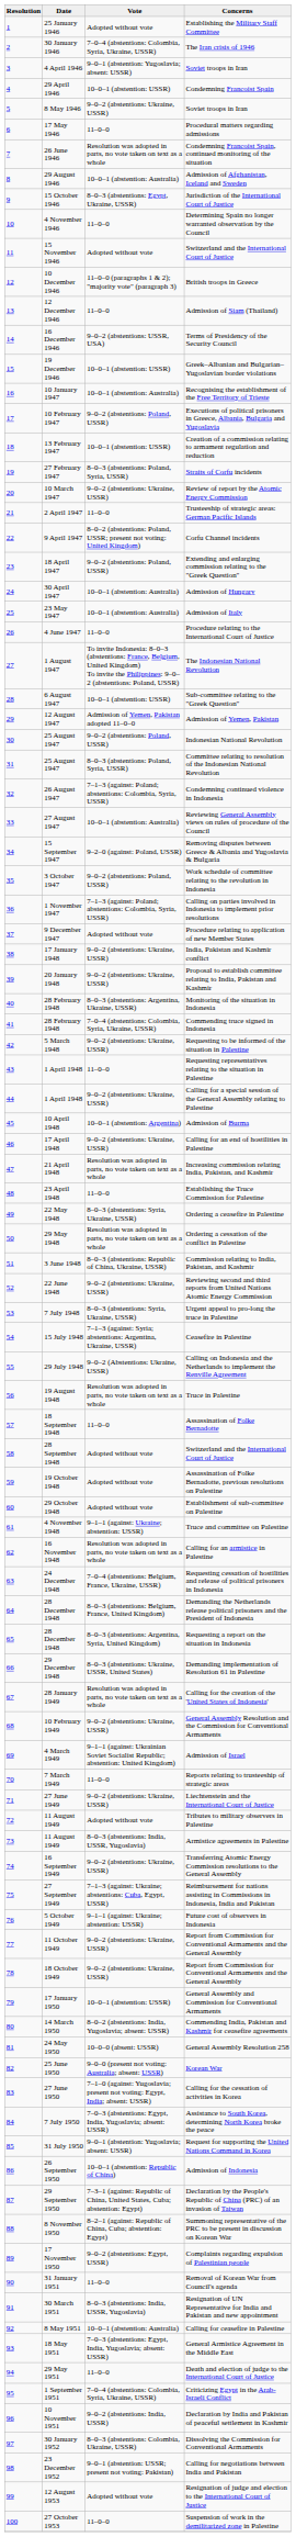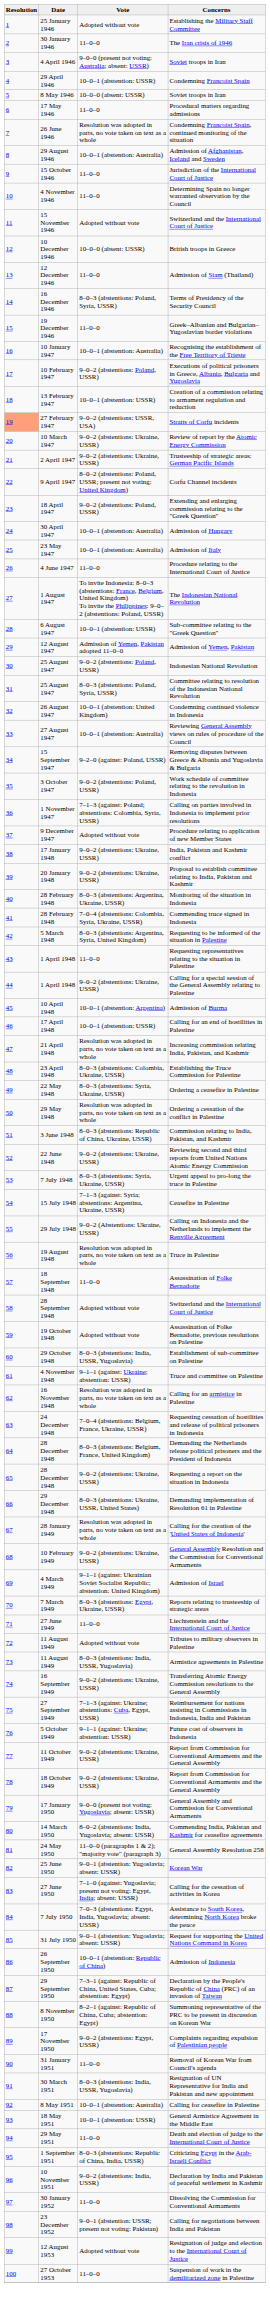 <table class="wikitable sortable" align="center">
 <tr>
 <th style="background:#efefef;">Resolution</th>
 <th style="background:#efefef;">Date</th>
 <th style="background:#efefef;">Vote</th>
 <th style="background:#efefef;">Concerns</th>
 </tr>
 <tr id="1946">
 <td><a href='#'>1</a></td>
 <td>25 January 1946</td>
 <td>Adopted without vote</td>
 <td>Establishing the <a href='#'>Military Staff Committee</a></td>
 </tr>
 <tr>
 <td><a href='#'>2</a></td>
 <td>30 January 1946</td>
-<td>7–0–4 (abstentions: Colombia, Syria, Ukraine, USSR)</td>
+<td>11–0–0</td>
 <td>The <a href='#'>Iran crisis of 1946</a></td>
 </tr>
 <tr>
 <td><a href='#'>3</a></td>
 <td>4 April 1946</td>
-<td>9–0–1 (abstention: Yugoslavia; absent: USSR)</td>
+<td>9–0–0 (present not voting: <a href='#'>Australia</a>; absent: <a href='#'>USSR</a>)</td>
 <td><a href='#'>Soviet</a> troops in Iran</td>
 </tr>
 <tr>
 <td><a href='#'>4</a></td>
 <td>29 April 1946</td>
 <td>10–0–1 (abstention: USSR)</td>
 <td>Condemning <a href='#'>Francoist Spain</a></td>
 </tr>
 <tr>
 <td><a href='#'>5</a></td>
 <td>8 May 1946</td>
-<td>9–0–2 (abstentions: Ukraine, USSR)</td>
+<td>10–0–0 (absent: USSR)</td>
 <td>Soviet troops in Iran</td>
 </tr>
 <tr>
 <td><a href='#'>6</a></td>
 <td>17 May 1946</td>
 <td>11–0–0</td>
 <td>Procedural matters regarding admissions</td>
 </tr>
 <tr>
 <td><a href='#'>7</a></td>
 <td>26 June 1946</td>
 <td>Resolution was adopted in parts, no vote taken on text as a whole</td>
 <td>Condemning <a href='#'>Francoist Spain</a>, continued monitoring of the situation</td>
 </tr>
 <tr>
 <td><a href='#'>8</a></td>
 <td>29 August 1946</td>
 <td>10–0–1 (abstention: Australia)</td>
 <td>Admission of <a href='#'>Afghanistan</a>, <a href='#'>Iceland</a> and <a href='#'>Sweden</a></td>
 </tr>
 <tr>
 <td><a href='#'>9</a></td>
 <td>15 October 1946</td>
-<td>8–0–3 (abstentions: <a href='#'>Egypt</a>, Ukraine, USSR)</td>
+<td>11–0–0</td>
 <td>Jurisdiction of the <a href='#'>International Court of Justice</a></td>
 </tr>
 <tr>
 <td><a href='#'>10</a></td>
 <td>4 November 1946</td>
 <td>11–0–0</td>
 <td>Determining Spain no longer warranted observation by the Council</td>
 </tr>
 <tr>
 <td><a href='#'>11</a></td>
 <td>15 November 1946</td>
 <td>Adopted without vote</td>
 <td>Switzerland and the <a href='#'>International Court of Justice</a></td>
 </tr>
 <tr>
 <td><a href='#'>12</a></td>
 <td>10 December 1946</td>
-<td>11–0–0 (paragraphs 1 & 2); "majority vote" (paragraph 3)</td>
+<td>10–0–0 (absent: USSR)</td>
 <td>British troops in Greece</td>
 </tr>
 <tr>
 <td><a href='#'>13</a></td>
 <td>12 December 1946</td>
 <td>11–0–0</td>
 <td>Admission of <a href='#'>Siam</a> (Thailand)</td>
 </tr>
 <tr>
 <td><a href='#'>14</a></td>
 <td>16 December 1946</td>
-<td>9–0–2 (abstentions: USSR, USA)</td>
+<td>8–0–3 (abstentions: Poland, Syria, USSR)</td>
 <td>Terms of Presidency of the Security Council</td>
 </tr>
 <tr>
 <td><a href='#'>15</a></td>
 <td>19 December 1946</td>
-<td>10–0–1 (abstention: USSR)</td>
+<td>11–0–0</td>
 <td>Greek–Albanian and Bulgarian–Yugoslavian border violations</td>
 </tr>
 <tr id="1947">
 <td><a href='#'>16</a></td>
 <td>10 January 1947</td>
 <td>10–0–1 (abstention: Australia)</td>
 <td>Recognising the establishment of the <a href='#'>Free Territory of Trieste</a></td>
 </tr>
 <tr>
 <td><a href='#'>17</a></td>
 <td>10 February 1947</td>
 <td>9–0–2 (abstentions: <a href='#'>Poland</a>, USSR)</td>
 <td>Executions of political prisoners in Greece, <a href='#'>Albania</a>, <a href='#'>Bulgaria</a> and <a href='#'>Yugoslavia</a></td>
 </tr>
 <tr>
 <td><a href='#'>18</a></td>
 <td>13 February 1947</td>
 <td>10–0–1 (abstention: USSR)</td>
 <td>Creation of a commission relating to armament regulation and reduction</td>
 </tr>
 <tr>
-<td><a href='#'>19</a></td>
+<td style="background: lightsalmon;"><a href='#'>19</a></td>
 <td>27 February 1947</td>
-<td>8–0–3 (abstentions: Poland, Syria, USSR)</td>
+<td>9–0–2 (abstentions: USSR, USA)</td>
 <td><a href='#'>Straits of Corfu</a> incidents</td>
 </tr>
 <tr>
 <td><a href='#'>20</a></td>
 <td>10 March 1947</td>
 <td>9–0–2 (abstentions: Ukraine, USSR)</td>
 <td>Review of report by the <a href='#'>Atomic Energy Commission</a></td>
 </tr>
 <tr>
 <td><a href='#'>21</a></td>
 <td>2 April 1947</td>
-<td>11–0–0</td>
+<td>9–0–2 (abstentions: Ukraine, USSR)</td>
 <td>Trusteeship of strategic areas: <a href='#'>German Pacific Islands</a></td>
 </tr>
 <tr>
 <td><a href='#'>22</a></td>
 <td>9 April 1947</td>
 <td>8–0–2 (abstentions: Poland, USSR; present not voting: <a href='#'>United Kingdom</a>)</td>
 <td>Corfu Channel incidents</td>
 </tr>
 <tr>
 <td><a href='#'>23</a></td>
 <td>18 April 1947</td>
 <td>9–0–2 (abstentions: Poland, USSR)</td>
 <td>Extending and enlarging commission relating to the "Greek Question"</td>
 </tr>
 <tr>
 <td><a href='#'>24</a></td>
 <td>30 April 1947</td>
 <td>10–0–1 (abstention: Australia)</td>
 <td>Admission of <a href='#'>Hungary</a></td>
 </tr>
 <tr>
 <td><a href='#'>25</a></td>
 <td>23 May 1947</td>
 <td>10–0–1 (abstention: Australia)</td>
 <td>Admission of <a href='#'>Italy</a></td>
 </tr>
 <tr>
 <td><a href='#'>26</a></td>
 <td>4 June 1947</td>
 <td>11–0–0</td>
 <td>Procedure relating to the International Court of Justice</td>
 </tr>
 <tr>
 <td><a href='#'>27</a></td>
 <td>1 August 1947</td>
 <td>To invite Indonesia: 8–0–3 (abstentions: <a href='#'>France</a>, <a href='#'>Belgium</a>, United Kingdom) <br>To invite the <a href='#'>Philippines</a>: 9–0–2 (abstentions: Poland, USSR)</td>
 <td>The <a href='#'>Indonesian National Revolution</a></td>
 </tr>
 <tr>
 <td><a href='#'>28</a></td>
 <td>6 August 1947</td>
 <td>10–0–1 (abstention: USSR)</td>
 <td>Sub-committee relating to the "Greek Question"</td>
 </tr>
 <tr>
 <td><a href='#'>29</a></td>
 <td>12 August 1947</td>
 <td>Admission of <a href='#'>Yemen</a>, <a href='#'>Pakistan</a> adopted 11–0–0</td>
 <td>Admission of <a href='#'>Yemen</a>, <a href='#'>Pakistan</a></td>
 </tr>
 <tr>
 <td><a href='#'>30</a></td>
 <td>25 August 1947</td>
 <td>9–0–2 (abstentions: <a href='#'>Poland</a>, USSR)</td>
 <td>Indonesian National Revolution</td>
 </tr>
 <tr>
 <td><a href='#'>31</a></td>
 <td>25 August 1947</td>
 <td>8–0–3 (abstentions: Poland, Syria, USSR)</td>
 <td>Committee relating to resolution of the Indonesian National Revolution</td>
 </tr>
 <tr>
 <td><a href='#'>32</a></td>
 <td>26 August 1947</td>
-<td>7–1–3 (against: Poland; abstentions: Colombia, Syria, USSR)</td>
+<td>10–0–1 (abstention: United Kingdom)</td>
 <td>Condemning continued violence in Indonesia</td>
 </tr>
 <tr>
 <td><a href='#'>33</a></td>
 <td>27 August 1947</td>
 <td>10–0–1 (abstention: Australia)</td>
 <td>Reviewing <a href='#'>General Assembly</a> views on rules of procedure of the Council</td>
 </tr>
 <tr>
 <td><a href='#'>34</a></td>
 <td>15 September 1947</td>
 <td>9–2–0 (against: Poland, USSR)</td>
 <td>Removing disputes between Greece & Albania and Yugoslavia & Bulgaria</td>
 </tr>
 <tr>
 <td><a href='#'>35</a></td>
 <td>3 October 1947</td>
 <td>9–0–2 (abstentions: Poland, USSR)</td>
 <td>Work schedule of committee relating to the revolution in Indonesia</td>
 </tr>
 <tr>
 <td><a href='#'>36</a></td>
 <td>1 November 1947</td>
 <td>7–1–3 (against: Poland; abstentions: Colombia, Syria, USSR)</td>
 <td>Calling on parties involved in Indonesia to implement prior resolutions</td>
 </tr>
 <tr>
 <td><a href='#'>37</a></td>
 <td>9 December 1947</td>
 <td>Adopted without vote</td>
 <td>Procedure relating to application of new Member States</td>
 </tr>
 <tr id="1948">
 <td><a href='#'>38</a></td>
 <td>17 January 1948</td>
 <td>9–0–2 (abstentions: Ukraine, USSR)</td>
 <td>India, Pakistan and Kashmir conflict</td>
 </tr>
 <tr>
 <td><a href='#'>39</a></td>
 <td>20 January 1948</td>
 <td>9–0–2 (abstentions: Ukraine, USSR)</td>
 <td>Proposal to establish committee relating to India, Pakistan and Kashmir</td>
 </tr>
 <tr>
 <td><a href='#'>40</a></td>
 <td>28 February 1948</td>
 <td>8–0–3 (abstentions: Argentina, Ukraine, USSR)</td>
 <td>Monitoring of the situation in Indonesia</td>
 </tr>
 <tr>
 <td><a href='#'>41</a></td>
 <td>28 February 1948</td>
 <td>7–0–4 (abstentions: Colombia, Syria, Ukraine, USSR)</td>
 <td>Commending truce signed in Indonesia</td>
 </tr>
 <tr>
 <td><a href='#'>42</a></td>
 <td>5 March 1948</td>
-<td>9–0–2 (abstentions: Ukraine, USSR)</td>
+<td>8–0–3 (abstentions: Argentina, Syria, United Kingdom)</td>
 <td>Requesting to be informed of the situation in <a href='#'>Palestine</a></td>
 </tr>
 <tr>
 <td><a href='#'>43</a></td>
 <td>1 April 1948</td>
 <td>11–0–0</td>
 <td>Requesting representatives relating to the situation in Palestine</td>
 </tr>
 <tr>
 <td><a href='#'>44</a></td>
 <td>1 April 1948</td>
 <td>9–0–2 (abstentions: Ukraine, USSR)</td>
 <td>Calling for a special session of the General Assembly relating to Palestine</td>
 </tr>
 <tr>
 <td><a href='#'>45</a></td>
 <td>10 April 1948</td>
 <td>10–0–1 (abstention: <a href='#'>Argentina</a>)</td>
 <td>Admission of <a href='#'>Burma</a></td>
 </tr>
 <tr>
 <td><a href='#'>46</a></td>
 <td>17 April 1948</td>
-<td>9–0–2 (abstentions: Ukraine, USSR)</td>
+<td>10–0–1 (abstention: USSR)</td>
 <td>Calling for an end of hostilities in Palestine</td>
 </tr>
 <tr>
 <td><a href='#'>47</a></td>
 <td>21 April 1948</td>
 <td>Resolution was adopted in parts, no vote taken on text as a whole</td>
 <td>Increasing commission relating India, Pakistan, and Kashmir</td>
 </tr>
 <tr>
 <td><a href='#'>48</a></td>
 <td>23 April 1948</td>
-<td>11–0–0</td>
+<td>8–0–3 (abstentions: Colombia, Ukraine, USSR)</td>
 <td>Establishing the Truce Commission for Palestine</td>
 </tr>
 <tr>
 <td><a href='#'>49</a></td>
 <td>22 May 1948</td>
 <td>8–0–3 (abstentions: Syria, Ukraine, USSR)</td>
 <td>Ordering a ceasefire in Palestine</td>
 </tr>
 <tr>
 <td><a href='#'>50</a></td>
 <td>29 May 1948</td>
 <td>Resolution was adopted in parts, no vote taken on text as a whole</td>
 <td>Ordering a cessation of the conflict in Palestine</td>
 </tr>
 <tr>
 <td><a href='#'>51</a></td>
 <td>3 June 1948</td>
 <td>8–0–3 (abstentions: Republic of China, Ukraine, USSR)</td>
 <td>Commission relating to India, Pakistan, and Kashmir</td>
 </tr>
 <tr>
 <td><a href='#'>52</a></td>
 <td>22 June 1948</td>
 <td>9–0–2 (abstentions: Ukraine, USSR)</td>
 <td>Reviewing second and third reports from United Nations Atomic Energy Commission</td>
 </tr>
 <tr>
 <td><a href='#'>53</a></td>
 <td>7 July 1948</td>
 <td>8–0–3 (abstentions: Syria, Ukraine, USSR)</td>
 <td>Urgent appeal to pro-long the truce in Palestine</td>
 </tr>
 <tr>
 <td><a href='#'>54</a></td>
 <td>15 July 1948</td>
 <td>7–1–3 (against: Syria; abstentions: Argentina, Ukraine, USSR)</td>
 <td>Ceasefire in Palestine</td>
 </tr>
 <tr>
 <td><a href='#'>55</a></td>
 <td>29 July 1948</td>
 <td>9–0–2 (Abstentions: Ukraine, USSR)</td>
 <td>Calling on Indonesia and the Netherlands to implement the <a href='#'>Renville Agreement</a></td>
 </tr>
 <tr>
 <td><a href='#'>56</a></td>
 <td>19 August 1948</td>
 <td>Resolution was adopted in parts, no vote taken on text as a whole</td>
 <td>Truce in Palestine</td>
 </tr>
 <tr>
 <td><a href='#'>57</a></td>
 <td>18 September 1948</td>
 <td>11–0–0</td>
 <td>Assassination of <a href='#'>Folke Bernadotte</a></td>
 </tr>
 <tr>
 <td><a href='#'>58</a></td>
 <td>28 September 1948</td>
 <td>Adopted without vote</td>
 <td>Switzerland and the <a href='#'>International Court of Justice</a></td>
 </tr>
 <tr>
 <td><a href='#'>59</a></td>
 <td>19 October 1948</td>
 <td>Adopted without vote</td>
 <td>Assassination of Folke Bernadotte, previous resolutions on Palestine</td>
 </tr>
 <tr>
 <td><a href='#'>60</a></td>
 <td>29 October 1948</td>
-<td>Adopted without vote</td>
+<td>8–0–3 (abstentions: India, USSR, Yugoslavia)</td>
 <td>Establishment of sub-committee on Palestine</td>
 </tr>
 <tr>
 <td><a href='#'>61</a></td>
 <td>4 November 1948</td>
 <td>9–1–1 (against: <a href='#'>Ukraine</a>; abstention: USSR)</td>
 <td>Truce and committee on Palestine</td>
 </tr>
 <tr>
 <td><a href='#'>62</a></td>
 <td>16 November 1948</td>
 <td>Resolution was adopted in parts, no vote taken on text as a whole</td>
 <td>Calling for an <a href='#'>armistice</a> in Palestine</td>
 </tr>
 <tr>
 <td><a href='#'>63</a></td>
 <td>24 December 1948</td>
 <td>7–0–4 (abstentions: Belgium, France, Ukraine, USSR)</td>
 <td>Requesting cessation of hostilities and release of political prisoners in Indonesia</td>
 </tr>
 <tr>
 <td><a href='#'>64</a></td>
 <td>28 December 1948</td>
 <td>8–0–3 (abstentions: Belgium, France, United Kingdom)</td>
 <td>Demanding the Netherlands release political prisoners and the President of Indonesia</td>
 </tr>
 <tr>
 <td><a href='#'>65</a></td>
 <td>28 December 1948</td>
-<td>8–0–3 (abstentions: Argentina, Syria, United Kingdom)</td>
+<td>9–0–2 (abstentions: Ukraine, USSR)</td>
 <td>Requesting a report on the situation in Indonesia</td>
 </tr>
 <tr>
 <td><a href='#'>66</a></td>
 <td>29 December 1948</td>
 <td>8–0–3 (abstentions: Ukraine, USSR, United States)</td>
 <td>Demanding implementation of Resolution 61 in Palestine</td>
 </tr>
 <tr id="1949">
 <td><a href='#'>67</a></td>
 <td>28 January 1949</td>
 <td>Resolution was adopted in parts, no vote taken on text as a whole</td>
 <td>Calling for the creation of the '<a href='#'>United States of Indonesia</a>'</td>
 </tr>
 <tr>
 <td><a href='#'>68</a></td>
 <td>10 February 1949</td>
 <td>9–0–2 (abstentions: Ukraine, USSR)</td>
 <td><a href='#'>General Assembly</a> Resolution and the Commission for Conventional Armaments</td>
 </tr>
 <tr>
 <td><a href='#'>69</a></td>
 <td>4 March 1949</td>
 <td>9–1–1 (against: Ukrainian Soviet Socialist Republic; abstention: United Kingdom)</td>
 <td>Admission of <a href='#'>Israel</a></td>
 </tr>
 <tr>
 <td><a href='#'>70</a></td>
 <td>7 March 1949</td>
-<td>11–0–0</td>
+<td>8–0–3 (abstentions: <a href='#'>Egypt</a>, Ukraine, USSR)</td>
 <td>Reports relating to trusteeship of strategic areas</td>
 </tr>
 <tr>
 <td><a href='#'>71</a></td>
 <td>27 June 1949</td>
-<td>9–0–2 (abstentions: Ukraine, USSR)</td>
+<td>11–0–0</td>
 <td>Liechtenstein and the <a href='#'>International Court of Justice</a></td>
 </tr>
 <tr>
 <td><a href='#'>72</a></td>
 <td>11 August 1949</td>
 <td>Adopted without vote</td>
 <td>Tributes to military observers in Palestine</td>
 </tr>
 <tr>
 <td><a href='#'>73</a></td>
 <td>11 August 1949</td>
 <td>8–0–3 (abstentions: India, USSR, Yugoslavia)</td>
 <td>Armistice agreements in Palestine</td>
 </tr>
 <tr>
 <td><a href='#'>74</a></td>
 <td>16 September 1949</td>
 <td>9–0–2 (abstentions: Ukraine, USSR)</td>
 <td>Transferring Atomic Energy Commission resolutions to the General Assembly</td>
 </tr>
 <tr>
 <td><a href='#'>75</a></td>
 <td>27 September 1949</td>
 <td>7–1–3 (against: Ukraine; abstentions: <a href='#'>Cuba</a>, Egypt, USSR)</td>
 <td>Reimbursement for nations assisting in Commissions in Indonesia, India and Pakistan</td>
 </tr>
 <tr>
 <td><a href='#'>76</a></td>
 <td>5 October 1949</td>
 <td>9–1–1 (against: Ukraine; abstention: USSR)</td>
 <td>Future cost of observers in Indonesia</td>
 </tr>
 <tr>
 <td><a href='#'>77</a></td>
 <td>11 October 1949</td>
 <td>9–0–2 (abstentions: Ukraine, USSR)</td>
 <td>Report from Commission for Conventional Armaments and the General Assembly</td>
 </tr>
 <tr>
 <td><a href='#'>78</a></td>
 <td>18 October 1949</td>
 <td>9–0–2 (abstentions: Ukraine, USSR)</td>
 <td>Report from Commission for Conventional Armaments and the General Assembly</td>
 </tr>
 <tr id="1950">
 <td><a href='#'>79</a></td>
 <td>17 January 1950</td>
-<td>10–0–1 (abstention: USSR)</td>
+<td>9–0–0 (present not voting: <a href='#'>Yugoslavia</a>; absent: USSR)</td>
 <td>General Assembly and Commission for Conventional Armaments</td>
 </tr>
 <tr>
 <td><a href='#'>80</a></td>
 <td>14 March 1950</td>
 <td>8–0–2 (abstentions: India, Yugoslavia; absent: USSR)</td>
 <td>Commending India, Pakistan and <a href='#'>Kashmir</a> for ceasefire agreements</td>
 </tr>
 <tr>
 <td><a href='#'>81</a></td>
 <td>24 May 1950</td>
-<td>10–0–0 (absent: USSR)</td>
+<td>11–0–0 (paragraphs 1 & 2); "majority vote" (paragraph 3)</td>
 <td>General Assembly Resolution 258</td>
 </tr>
 <tr>
 <td><a href='#'>82</a></td>
 <td>25 June 1950</td>
-<td>9–0–0 (present not voting: <a href='#'>Australia</a>; absent: <a href='#'>USSR</a>)</td>
+<td>9–0–1 (abstention: Yugoslavia; absent: USSR)</td>
 <td><a href='#'>Korean War</a></td>
 </tr>
 <tr>
 <td><a href='#'>83</a></td>
 <td>27 June 1950</td>
 <td>7–1–0 (against: Yugoslavia; present not voting: Egypt, <a href='#'>India</a>; absent: USSR)</td>
 <td>Calling for the cessation of activities in Korea</td>
 </tr>
 <tr>
 <td><a href='#'>84</a></td>
 <td>7 July 1950</td>
 <td>7–0–3 (abstentions: Egypt, India, Yugoslavia; absent: USSR)</td>
 <td>Assistance to <a href='#'>South Korea</a>, determining <a href='#'>North Korea</a> broke the peace</td>
 </tr>
 <tr>
 <td><a href='#'>85</a></td>
 <td>31 July 1950</td>
 <td>9–0–1 (abstention: Yugoslavia; absent: USSR)</td>
 <td>Request for supporting the <a href='#'>United Nations Command in Korea</a></td>
 </tr>
 <tr>
 <td><a href='#'>86</a></td>
 <td>26 September 1950</td>
 <td>10–0–1 (abstention: <a href='#'>Republic of China</a>)</td>
 <td>Admission of <a href='#'>Indonesia</a></td>
 </tr>
 <tr>
 <td><a href='#'>87</a></td>
 <td>29 September 1950</td>
 <td>7–3–1 (against: Republic of China, United States, Cuba; abstention: Egypt)</td>
 <td>Declaration by the People's Republic of <a href='#'>China</a> (PRC) of an invasion of <a href='#'>Taiwan</a></td>
 </tr>
 <tr>
 <td><a href='#'>88</a></td>
 <td>8 November 1950</td>
 <td>8–2–1 (against: Republic of China, Cuba; abstention: Egypt)</td>
 <td>Summoning representative of the PRC to be present in discussion on Korean War</td>
 </tr>
 <tr>
 <td><a href='#'>89</a></td>
 <td>17 November 1950</td>
 <td>9–0–2 (abstentions: Egypt, USSR)</td>
 <td>Complaints regarding expulsion of <a href='#'>Palestinian people</a></td>
 </tr>
 <tr id="1951">
 <td><a href='#'>90</a></td>
 <td>31 January 1951</td>
 <td>11–0–0</td>
 <td>Removal of Korean War from Council's agenda</td>
 </tr>
 <tr>
 <td><a href='#'>91</a></td>
 <td>30 March 1951</td>
 <td>8–0–3 (abstentions: India, USSR, Yugoslavia)</td>
 <td>Resignation of UN Representative for India and Pakistan and new appointment</td>
 </tr>
 <tr>
 <td><a href='#'>92</a></td>
 <td>8 May 1951</td>
 <td>10–0–1 (abstention: Australia)</td>
 <td>Calling for ceasefire in Palestine</td>
 </tr>
 <tr>
 <td><a href='#'>93</a></td>
 <td>18 May 1951</td>
-<td>7–0–3 (abstentions: Egypt, India, Yugoslavia; absent: USSR)</td>
+<td>10–0–1 (abstention: USSR)</td>
 <td>General Armistice Agreement in the Middle East</td>
 </tr>
 <tr>
 <td><a href='#'>94</a></td>
 <td>29 May 1951</td>
 <td>11–0–0</td>
 <td>Death and election of judge to the <a href='#'>International Court of Justice</a></td>
 </tr>
 <tr>
 <td><a href='#'>95</a></td>
 <td>1 September 1951</td>
-<td>7–0–4 (abstentions: Colombia, Syria, Ukraine, USSR)</td>
+<td>8–0–3 (abstentions: Republic of China, India, USSR)</td>
 <td>Criticizing <a href='#'>Egypt</a> in the <a href='#'>Arab-Israeli Conflict</a></td>
 </tr>
 <tr>
 <td><a href='#'>96</a></td>
 <td>10 November 1951</td>
 <td>9–0–2 (abstentions: India, USSR)</td>
 <td>Declaration by India and Pakistan of peaceful settlement in Kashmir</td>
 </tr>
 <tr id="1952">
 <td><a href='#'>97</a></td>
 <td>30 January 1952</td>
-<td>8–0–3 (abstentions: Colombia, Ukraine, USSR)</td>
+<td>11–0–0</td>
 <td>Dissolving the Commission for Conventional Armaments</td>
 </tr>
 <tr>
 <td><a href='#'>98</a></td>
 <td>23 December 1952</td>
 <td>9–0–1 (abstention: USSR; present not voting: Pakistan)</td>
 <td>Calling for negotiations between India and Pakistan</td>
 </tr>
 <tr id="1953">
 <td><a href='#'>99</a></td>
 <td>12 August 1953</td>
 <td>Adopted without vote</td>
 <td>Resignation of judge and election to the <a href='#'>International Court of Justice</a></td>
 </tr>
 <tr>
 <td><a href='#'>100</a></td>
 <td>27 October 1953</td>
 <td>11–0–0</td>
 <td>Suspension of work in the <a href='#'>demilitarized zone</a> in Palestine</td>
 </tr>
 <tr>
 </tr>
 </table>
